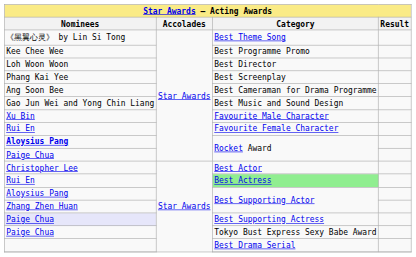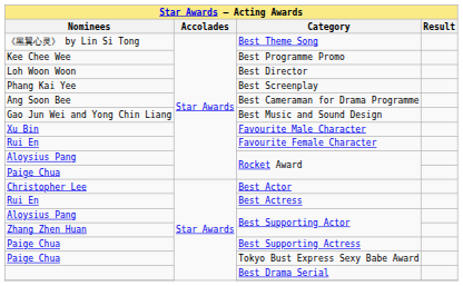 <table class="wikitable sortable">
 <tr>
 <th colspan="4" - style="background:#FAEB86;" align="center"><a href='#'>Star Awards</a> – Acting Awards</th>
 </tr>
 <tr>
 <th>Nominees</th>
 <th>Accolades</th>
 <th>Category</th>
 <th>Result</th>
 </tr>
 <tr>
 <td>《黑翼心灵》 by Lin Si Tong</td>
 <td rowspan="10"><a href='#'>Star Awards</a></td>
 <td><a href='#'>Best Theme Song</a></td>
 <td></td>
 </tr>
 <tr>
 <td>Kee Chee Wee</td>
 <td>Best Programme Promo</td>
 <td></td>
 </tr>
 <tr>
 <td>Loh Woon Woon</td>
 <td>Best Director</td>
 <td></td>
 </tr>
 <tr>
 <td>Phang Kai Yee</td>
 <td>Best Screenplay</td>
 <td></td>
 </tr>
 <tr>
 <td>Ang Soon Bee</td>
 <td>Best Cameraman for Drama Programme</td>
 <td></td>
 </tr>
 <tr>
 <td>Gao Jun Wei  and Yong Chin Liang</td>
 <td>Best Music and Sound Design</td>
 <td></td>
 </tr>
 <tr>
 <td><a href='#'>Xu Bin</a></td>
 <td><a href='#'>Favourite Male Character</a></td>
 <td></td>
 </tr>
 <tr>
 <td><a href='#'>Rui En</a></td>
 <td><a href='#'>Favourite Female Character</a></td>
 <td></td>
 </tr>
 <tr>
-<td><strong><a href='#'>Aloysius Pang</a></strong></td>
+<td><a href='#'>Aloysius Pang</a></td>
 <td rowspan="2"><a href='#'>Rocket</a> Award</td>
 <td></td>
 </tr>
 <tr>
 <td><a href='#'>Paige Chua</a></td>
 <td></td>
 </tr>
 <tr>
 <td><a href='#'>Christopher Lee</a></td>
 <td rowspan="9"><a href='#'>Star Awards</a></td>
 <td><a href='#'>Best Actor</a></td>
 <td></td>
 </tr>
 <tr>
 <td><a href='#'>Rui En</a></td>
-<td style="background: lightgreen;"><a href='#'>Best Actress</a></td>
+<td><a href='#'>Best Actress</a></td>
 <td></td>
 </tr>
 <tr>
 <td><a href='#'>Aloysius Pang</a></td>
 <td rowspan="2"><a href='#'>Best Supporting Actor</a></td>
 <td></td>
 </tr>
 <tr>
 <td><a href='#'>Zhang Zhen Huan</a></td>
 <td></td>
 </tr>
 <tr>
-<td style="background: lavender;"><a href='#'>Paige Chua</a></td>
+<td><a href='#'>Paige Chua</a></td>
 <td><a href='#'>Best Supporting Actress</a></td>
 <td></td>
 </tr>
 <tr>
 <td><a href='#'>Paige Chua</a></td>
 <td>Tokyo Bust Express Sexy Babe Award</td>
 <td></td>
 </tr>
 <tr>
 <td></td>
 <td><a href='#'>Best Drama Serial</a></td>
 <td></td>
 </tr>
 <tr>
 </tr>
 </table>
